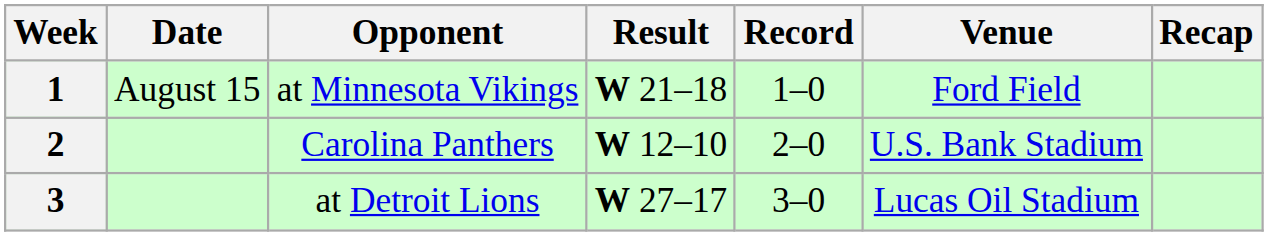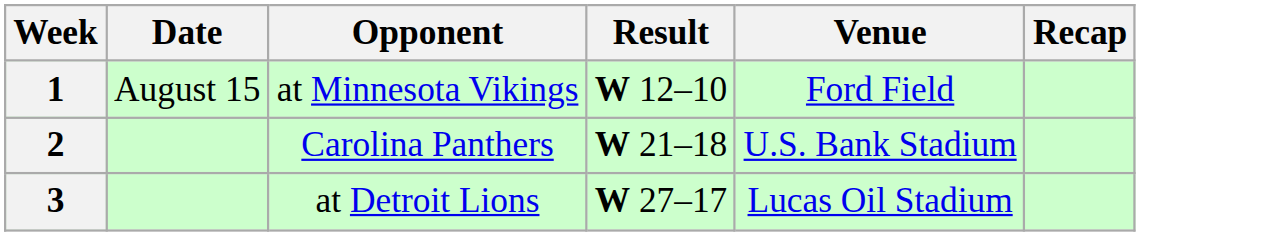 <table class="wikitable" style="text-align:center">
 <tr>
 <th>Week</th>
 <th>Date</th>
 <th>Opponent</th>
 <th>Result</th>
-<th>Record</th>
 <th>Venue</th>
 <th>Recap</th>
 </tr>
 <tr style="background:#cfc">
 <th>1</th>
 <td>August 15</td>
 <td>at <a href='#'>Minnesota Vikings</a></td>
-<td><strong>W</strong> 21–18</td>
-<td>1–0</td>
+<td><strong>W</strong> 12–10</td>
 <td><a href='#'>Ford Field</a></td>
 <td></td>
 </tr>
 <tr style="background:#cfc">
 <th>2</th>
 <td></td>
 <td><a href='#'>Carolina Panthers</a></td>
-<td><strong>W</strong> 12–10</td>
-<td>2–0</td>
+<td><strong>W</strong> 21–18</td>
 <td><a href='#'>U.S. Bank Stadium</a></td>
 <td></td>
 </tr>
 <tr style="background:#cfc">
 <th>3</th>
 <td></td>
 <td>at <a href='#'>Detroit Lions</a></td>
 <td><strong>W</strong> 27–17</td>
-<td>3–0</td>
 <td><a href='#'>Lucas Oil Stadium</a></td>
 <td></td>
 </tr>
 </table>
